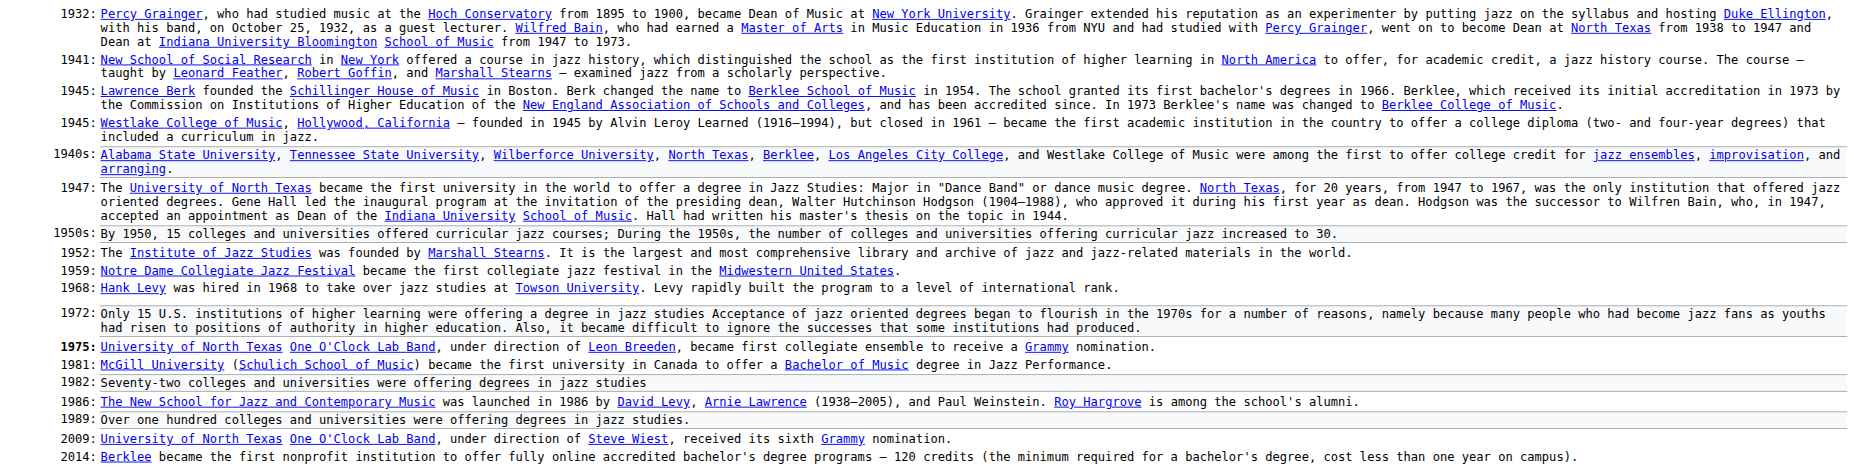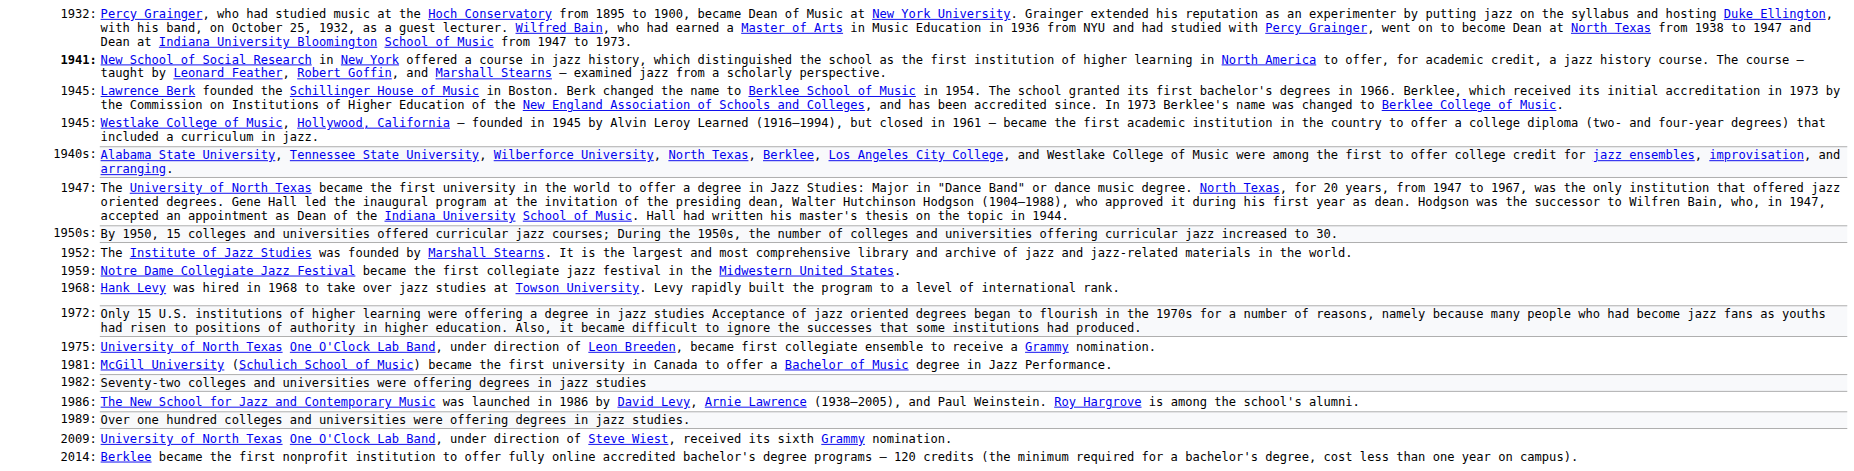 <table valign="top"; border="0" cellpadding="1" style="color:black; background-color: #FFFFFF">
 <tr valign="top">
 <td width="5%" style="text-align:right">1932:</td>
 <td width="95%" style="text-align:left"><a href='#'>Percy Grainger</a>, who had studied music at the <a href='#'>Hoch Conservatory</a> from 1895 to 1900, became Dean of Music at <a href='#'>New York University</a>.  Grainger extended his reputation as an experimenter by putting jazz on the syllabus and hosting <a href='#'>Duke Ellington</a>, with his band, on October 25, 1932, as a guest lecturer.  <a href='#'>Wilfred Bain</a>, who had earned a <a href='#'>Master of Arts</a> in Music Education in 1936 from NYU and had studied with <a href='#'>Percy Grainger</a>, went on to become Dean at <a href='#'>North Texas</a> from 1938 to 1947 and Dean at <a href='#'>Indiana University Bloomington</a> <a href='#'>School of Music</a> from 1947 to 1973.</td>
 </tr>
 <tr valign="top">
-<td width="5%" style="text-align:right">1941:</td>
+<td width="5%" style="text-align:right"><strong>1941:</strong></td>
 <td width="95%" style="text-align:left"><a href='#'>New School of Social Research</a> in <a href='#'>New York</a> offered a course in jazz history, which distinguished the school as the first institution of higher learning in <a href='#'>North America</a> to offer, for academic credit, a jazz history course.  The course – taught by <a href='#'>Leonard Feather</a>, <a href='#'>Robert Goffin</a>, and <a href='#'>Marshall Stearns</a> – examined jazz from a scholarly perspective.</td>
 </tr>
 <tr valign="top">
 <td width="5%" style="text-align:right">1945:</td>
 <td width="95%" style="text-align:left"><a href='#'>Lawrence Berk</a> founded the <a href='#'>Schillinger House of Music</a> in Boston. Berk changed the name to <a href='#'>Berklee School of Music</a> in 1954. The school granted its first bachelor's degrees in 1966. Berklee, which received its initial accreditation in 1973 by the Commission on Institutions of Higher Education of the <a href='#'>New England Association of Schools and Colleges</a>, and has been accredited since. In 1973 Berklee's name was changed to <a href='#'>Berklee College of Music</a>.</td>
 </tr>
 <tr valign="top">
 <td width="5%" style="text-align:right">1945:</td>
 <td width="95%" style="text-align:left"><a href='#'>Westlake College of Music</a>, <a href='#'>Hollywood, California</a> – founded in 1945 by Alvin Leroy Learned (1916–1994), but closed in 1961 – became the first academic institution in the country to offer a college diploma (two- and four-year degrees) that included a curriculum in jazz.</td>
 </tr>
 <tr valign="top">
 <td width="5%" style="text-align:right">1940s:</td>
 <td width="95%" style="text-align:left; border: 1px darkgray; border-style: solid none solid none; background-color: #F8F9FB"><a href='#'>Alabama State University</a>, <a href='#'>Tennessee State University</a>, <a href='#'>Wilberforce University</a>, <a href='#'>North Texas</a>, <a href='#'>Berklee</a>, <a href='#'>Los Angeles City College</a>, and Westlake College of Music were among the first to offer college credit for <a href='#'>jazz ensembles</a>, <a href='#'>improvisation</a>, and <a href='#'>arranging</a>.</td>
 </tr>
 <tr valign="top">
 <td width="5%" style="text-align:right">1947:</td>
 <td width="95%" style="text-align:left">The <a href='#'>University of North Texas</a> became the first university in the world to offer a degree in Jazz Studies: Major in "Dance Band" or dance music degree.  <a href='#'>North Texas</a>, for 20 years, from 1947 to 1967, was the only institution that offered jazz oriented degrees.  Gene Hall led the inaugural program at the invitation of the presiding dean, Walter Hutchinson Hodgson (1904–1988), who approved it during his first year as dean.  Hodgson was the successor to Wilfren Bain, who, in 1947, accepted an appointment as Dean of the <a href='#'>Indiana University</a> <a href='#'>School of Music</a>. Hall had written his master's thesis on the topic in 1944.</td>
 </tr>
 <tr valign="top">
 <td width="5%" style="text-align:right">1950s:</td>
 <td width="95%" style="text-align:left; border: 1px darkgray; border-style: solid none solid none; background-color: #F8F9FB">By 1950, 15 colleges and universities offered curricular jazz courses; During the 1950s, the number of colleges and universities offering curricular jazz increased to 30.</td>
 </tr>
 <tr valign="top">
 <td width="5%" style="text-align:right">1952:</td>
 <td width="95%" style="text-align:left">The <a href='#'>Institute of Jazz Studies</a> was founded by <a href='#'>Marshall Stearns</a>. It is the largest and most comprehensive library and archive of jazz and jazz-related materials in the world.</td>
 </tr>
 <tr valign="top">
 <td width="5%" style="text-align:right">1959:</td>
 <td width="95%" style="text-align:left"><a href='#'>Notre Dame Collegiate Jazz Festival</a> became the first collegiate jazz festival in the <a href='#'>Midwestern United States</a>.</td>
 </tr>
 <tr valign="top">
 <td width="5%" style="text-align:right">1968:</td>
 <td width="95%" style="text-align:left"><a href='#'>Hank Levy</a> was hired in 1968 to take over jazz studies at <a href='#'>Towson University</a>. Levy rapidly built the program to a level of international rank.</td>
 </tr>
 <tr valign="top">
 <td colspan="2" width="100%" style="text-align:left"></td>
 </tr>
 <tr valign="top">
 <td colspan="2" width="100%" style="text-align:left"></td>
 </tr>
 <tr valign="top">
 <td width="5%" style="text-align:right">1972:</td>
 <td width="95%" style="text-align:left; border: 1px darkgray; border-style: solid none solid none; background-color: #F8F9FB;">Only 15 U.S. institutions of higher learning were offering a degree in jazz studies  Acceptance of jazz oriented degrees began to flourish in the 1970s for a number of reasons, namely because many people who had become jazz fans as youths had risen to positions of authority in higher education.  Also, it became difficult to ignore the successes that some institutions had produced.</td>
 </tr>
 <tr valign="top">
-<td width="5%" style="text-align:right"><strong>1975:</strong></td>
+<td width="5%" style="text-align:right">1975:</td>
 <td width="95%" style="text-align:left"><a href='#'>University of North Texas</a> <a href='#'>One O'Clock Lab Band</a>, under direction of <a href='#'>Leon Breeden</a>, became first collegiate ensemble to receive a <a href='#'>Grammy</a> nomination.</td>
 </tr>
 <tr valign="top">
 <td width="5%" style="text-align:right">1981:</td>
 <td width="95%" style="text-align:left"><a href='#'>McGill University</a> (<a href='#'>Schulich School of Music</a>) became the first university in Canada to offer a <a href='#'>Bachelor of Music</a> degree in Jazz Performance.</td>
 </tr>
 <tr valign="top">
 <td width="5%" style="text-align:right">1982:</td>
 <td width="95%" style="text-align:left; border: 1px darkgray; border-style: solid none solid none; background-color: #F8F9FB;">Seventy-two colleges and universities were offering degrees in jazz studies</td>
 </tr>
 <tr valign="top">
 <td width="5%" style="text-align:right">1986:</td>
 <td width="95%" style="text-align:left"><a href='#'>The New School for Jazz and Contemporary Music</a> was launched in 1986 by <a href='#'>David Levy</a>, <a href='#'>Arnie Lawrence</a> (1938–2005), and Paul Weinstein. <a href='#'>Roy Hargrove</a> is among the school's alumni.</td>
 </tr>
 <tr valign="top">
 <td width="5%" style="text-align:right">1989:</td>
 <td width="95%" style="text-align:left; border: 1px darkgray; border-style: solid none solid none; background-color: #F8F9FB;">Over one hundred colleges and universities were offering degrees in jazz studies.</td>
 </tr>
 <tr valign="top">
 <td width="5%" style="text-align:right">2009:</td>
 <td width="95%" style="text-align:left"><a href='#'>University of North Texas</a> <a href='#'>One O'Clock Lab Band</a>, under direction of <a href='#'>Steve Wiest</a>, received its sixth <a href='#'>Grammy</a> nomination.</td>
 </tr>
 <tr valign="top">
 <td width="5%" style="text-align:right">2014:</td>
 <td width="95%" style="text-align:left"><a href='#'>Berklee</a> became the first nonprofit institution to offer fully online accredited bachelor's degree programs – 120 credits (the minimum required for a bachelor's degree, cost less than one year on campus).</td>
 </tr>
 </table>
